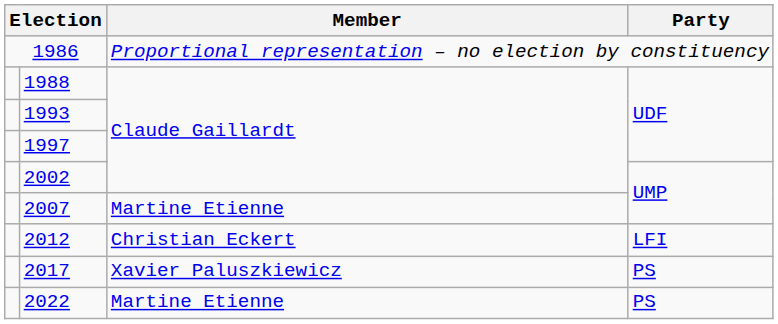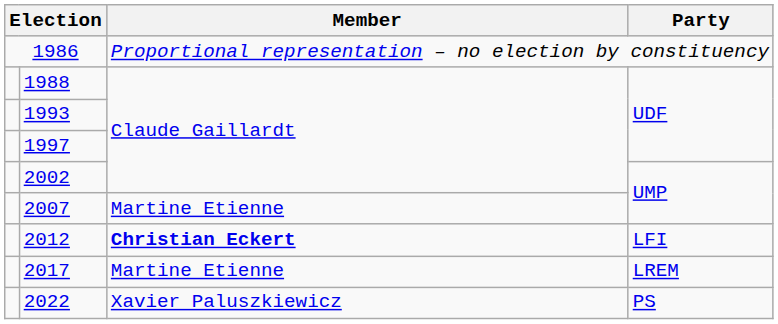 <table class="wikitable">
 <tr>
 <th colspan="2">Election</th>
 <th>Member</th>
 <th>Party</th>
 </tr>
 <tr>
 <td colspan="2" align="center"><a href='#'>1986</a></td>
 <td colspan="2"><em><a href='#'>Proportional representation</a> – no election by constituency</em></td>
 </tr>
 <tr>
 <td style="color:inherit;background-color: "></td>
 <td><a href='#'>1988</a></td>
 <td rowspan="4"><a href='#'>Claude Gaillardt</a></td>
 <td rowspan="3"><a href='#'>UDF</a></td>
 </tr>
 <tr>
 <td style="color:inherit;background-color: "></td>
 <td><a href='#'>1993</a></td>
 </tr>
 <tr>
 <td style="color:inherit;background-color: "></td>
 <td><a href='#'>1997</a></td>
 </tr>
 <tr>
 <td style="color:inherit;background-color: "></td>
 <td><a href='#'>2002</a></td>
 <td rowspan="2"><a href='#'>UMP</a></td>
 </tr>
 <tr>
 <td style="color:inherit;background-color: "></td>
 <td><a href='#'>2007</a></td>
 <td><a href='#'>Martine Etienne</a></td>
 </tr>
 <tr>
 <td style="color:inherit;background-color: "></td>
 <td><a href='#'>2012</a></td>
-<td><a href='#'>Christian Eckert</a></td>
+<td><strong><a href='#'>Christian Eckert</a></strong></td>
 <td><a href='#'>LFI</a></td>
 </tr>
 <tr>
 <td style="color:inherit;background-color: "></td>
 <td><a href='#'>2017</a></td>
-<td><a href='#'>Xavier Paluszkiewicz</a></td>
-<td><a href='#'>PS</a></td>
+<td><a href='#'>Martine Etienne</a></td>
+<td><a href='#'>LREM</a></td>
 </tr>
 <tr>
 <td style="color:inherit;background-color: "></td>
 <td><a href='#'>2022</a></td>
-<td><a href='#'>Martine Etienne</a></td>
+<td><a href='#'>Xavier Paluszkiewicz</a></td>
 <td><a href='#'>PS</a></td>
 </tr>
 </table>
